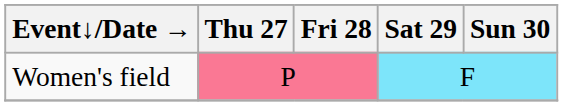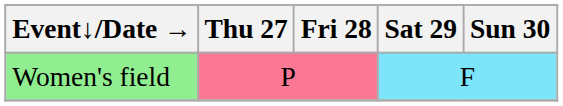 <table class="wikitable" style="margin:0.5em auto; font-size:90%; line-height:1.25em;">
 <tr style="text-align:center;">
 <th>Event↓/Date →</th>
 <th>Thu 27</th>
 <th>Fri 28</th>
 <th>Sat 29</th>
 <th>Sun 30</th>
 </tr>
 <tr style="text-align:center;">
-<td style="text-align:left;">Women's field</td>
+<td style="background: lightgreen; text-align:left;">Women's field</td>
 <td colspan=2 style="background-color:#FA7894;text-align:center;">P</td>
 <td colspan=2 style="background-color:#7DE5FA;">F</td>
 </tr>
 <tr style="text-align:center;">
 </tr>
 </table>
